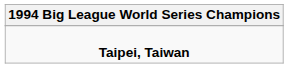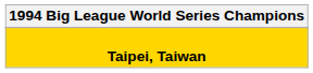 <table class="wikitable" style="text-align: center; margin: 0 auto;">
 <tr>
 <th>1994 Big League World Series Champions</th>
 </tr>
 <tr>
 </tr>
 <tr>
-<td><br><strong>Taipei, Taiwan</strong></td>
+<td style="background: gold;"><br><strong>Taipei, Taiwan</strong></td>
 </tr>
 </table>
